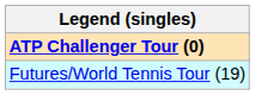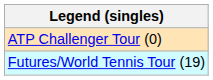 <table class=wikitable style=font-size:97%>
 <tr>
 <th>Legend (singles)</th>
 </tr>
 <tr bgcolor=moccasin>
-<td><strong><a href='#'>ATP Challenger Tour</a> (0)</strong></td>
+<td><a href='#'>ATP Challenger Tour</a> (0)</td>
 </tr>
 <tr bgcolor=CFFCFF>
 <td><a href='#'>Futures/World Tennis Tour</a> (19)</td>
 </tr>
 </table>
